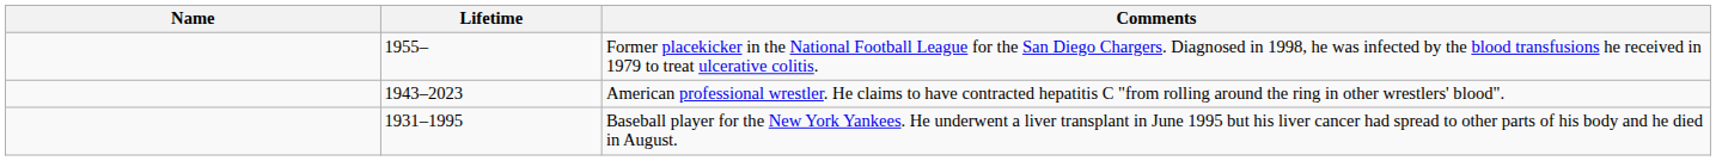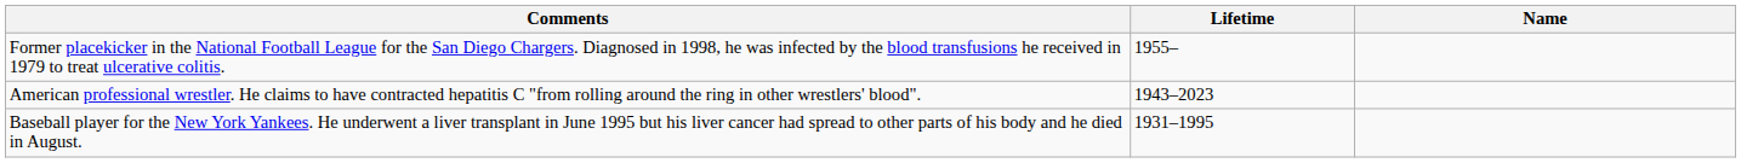 <table class="sortable wikitable">
 <tr>
+<th class="unsortable" width="65%" scope=col>Comments</th>
+<th width="13%" scope=col>Lifetime</th>
 <th width="22%" scope=col>Name</th>
-<th width="13%" scope=col>Lifetime</th>
-<th class="unsortable" width="65%" scope=col>Comments</th>
 </tr>
 <tr valign="top">
+<td>Former <a href='#'>placekicker</a> in the <a href='#'>National Football League</a> for the <a href='#'>San Diego Chargers</a>. Diagnosed in 1998, he was infected by the <a href='#'>blood transfusions</a> he received in 1979 to treat <a href='#'>ulcerative colitis</a>.</td>
+<td>1955–</td>
 <td></td>
-<td>1955–</td>
-<td>Former <a href='#'>placekicker</a> in the <a href='#'>National Football League</a> for the <a href='#'>San Diego Chargers</a>. Diagnosed in 1998, he was infected by the <a href='#'>blood transfusions</a> he received in 1979 to treat <a href='#'>ulcerative colitis</a>.</td>
 </tr>
 <tr valign="top">
+<td>American <a href='#'>professional wrestler</a>.  He claims to have contracted hepatitis C "from rolling around the ring in other wrestlers' blood".</td>
+<td>1943–2023</td>
 <td></td>
-<td>1943–2023</td>
-<td>American <a href='#'>professional wrestler</a>.  He claims to have contracted hepatitis C "from rolling around the ring in other wrestlers' blood".</td>
 </tr>
 <tr valign="top">
+<td>Baseball player for the <a href='#'>New York Yankees</a>. He underwent a liver transplant in June 1995 but his liver cancer had spread to other parts of his body and he died in August.</td>
+<td>1931–1995</td>
 <td></td>
-<td>1931–1995</td>
-<td>Baseball player for the <a href='#'>New York Yankees</a>. He underwent a liver transplant in June 1995 but his liver cancer had spread to other parts of his body and he died in August.</td>
 </tr>
 </table>
